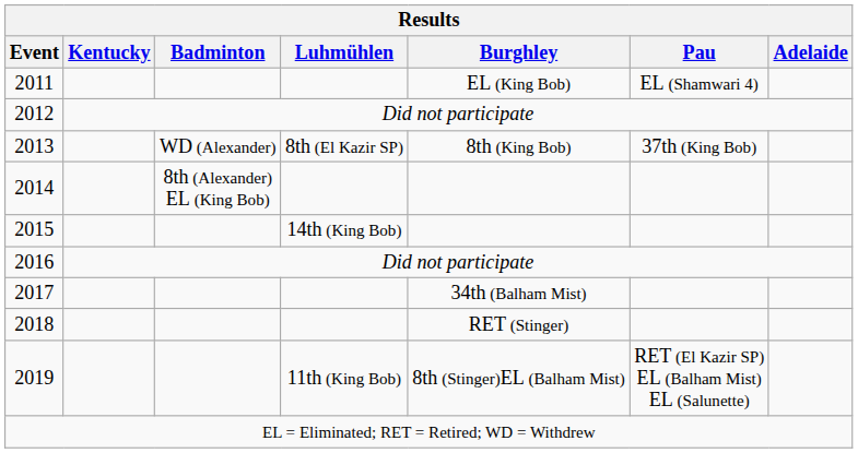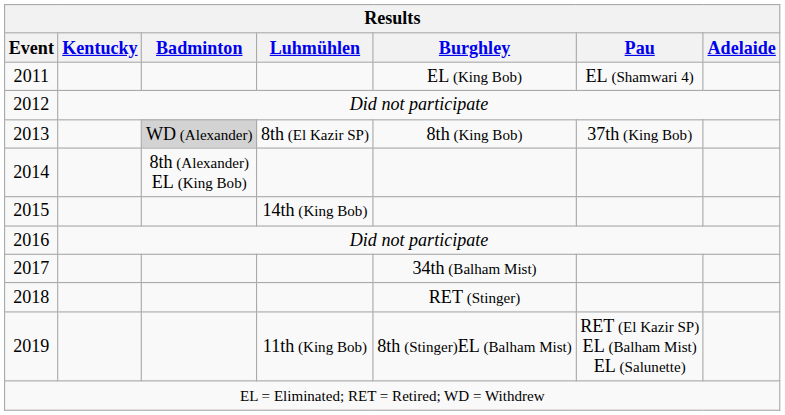 <table class="wikitable" style="text-align:center">
 <tr>
 <th colspan=13 align=center><strong>Results</strong></th>
 </tr>
 <tr>
 <th>Event</th>
 <th><a href='#'>Kentucky</a></th>
 <th><a href='#'>Badminton</a></th>
 <th><a href='#'>Luhmühlen</a></th>
 <th><a href='#'>Burghley</a></th>
 <th><a href='#'>Pau</a></th>
 <th><a href='#'>Adelaide</a></th>
 </tr>
 <tr>
 <td>2011</td>
 <td></td>
 <td></td>
 <td></td>
 <td>EL<small> (King Bob)</small></td>
 <td>EL<small> (Shamwari 4)</small></td>
 <td></td>
 </tr>
 <tr>
 <td>2012</td>
 <td colspan="6"><em>Did not participate</em></td>
 </tr>
 <tr>
 <td>2013</td>
 <td></td>
-<td>WD<small> (Alexander)</small></td>
+<td style="background: lightgrey;">WD<small> (Alexander)</small></td>
 <td>8th<small> (El Kazir SP)</small></td>
 <td>8th<small> (King Bob)</small></td>
 <td>37th<small> (King Bob)</small></td>
 <td></td>
 </tr>
 <tr>
 <td>2014</td>
 <td></td>
 <td>8th<small> (Alexander)</small><br>EL<small> (King Bob)</small></td>
 <td></td>
 <td></td>
 <td></td>
 <td></td>
 </tr>
 <tr>
 <td>2015</td>
 <td></td>
 <td></td>
 <td>14th<small> (King Bob)</small></td>
 <td></td>
 <td></td>
 <td></td>
 </tr>
 <tr>
 <td>2016</td>
 <td colspan="6"><em>Did not participate</em></td>
 </tr>
 <tr>
 <td>2017</td>
 <td></td>
 <td></td>
 <td></td>
 <td>34th<small> (Balham Mist)</small></td>
 <td></td>
 <td></td>
 </tr>
 <tr>
 <td>2018</td>
 <td></td>
 <td></td>
 <td></td>
 <td>RET<small> (Stinger)</small></td>
 <td></td>
 <td></td>
 </tr>
 <tr>
 <td>2019</td>
 <td></td>
 <td></td>
 <td>11th<small> (King Bob)</small></td>
 <td>8th<small> (Stinger)</small>EL<small> (Balham Mist)</small></td>
 <td>RET<small> (El Kazir SP)</small><br>EL<small> (Balham Mist)</small><br>EL<small> (Salunette)</small></td>
 <td></td>
 </tr>
 <tr>
 <td colspan=13 align=center><small> EL = Eliminated; RET = Retired; WD = Withdrew </small></td>
 </tr>
 </table>
